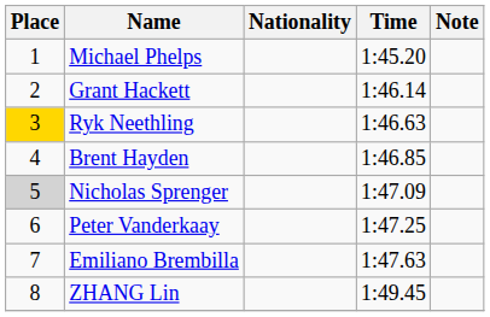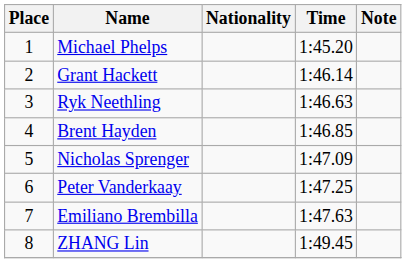 <table class="wikitable" style="text-align:center">
 <tr>
 <th>Place</th>
 <th>Name</th>
 <th>Nationality</th>
 <th>Time</th>
 <th>Note</th>
 </tr>
 <tr>
 <td>1</td>
 <td align=left><a href='#'>Michael Phelps</a></td>
 <td align=left></td>
 <td>1:45.20</td>
 <td></td>
 </tr>
 <tr>
 <td>2</td>
 <td align=left><a href='#'>Grant Hackett</a></td>
 <td align=left></td>
 <td>1:46.14</td>
 <td></td>
 </tr>
 <tr>
-<td style="background: gold;">3</td>
+<td>3</td>
 <td align=left><a href='#'>Ryk Neethling</a></td>
 <td align=left></td>
 <td>1:46.63</td>
 <td></td>
 </tr>
 <tr>
 <td>4</td>
 <td align=left><a href='#'>Brent Hayden</a></td>
 <td align=left></td>
 <td>1:46.85</td>
 <td></td>
 </tr>
 <tr>
-<td style="background: lightgrey;">5</td>
+<td>5</td>
 <td align=left><a href='#'>Nicholas Sprenger</a></td>
 <td align=left></td>
 <td>1:47.09</td>
 <td></td>
 </tr>
 <tr>
 <td>6</td>
 <td align=left><a href='#'>Peter Vanderkaay</a></td>
 <td align=left></td>
 <td>1:47.25</td>
 <td></td>
 </tr>
 <tr>
 <td>7</td>
 <td align=left><a href='#'>Emiliano Brembilla</a></td>
 <td align=left></td>
 <td>1:47.63</td>
 <td></td>
 </tr>
 <tr>
 <td>8</td>
 <td align=left><a href='#'>ZHANG Lin</a></td>
 <td align=left></td>
 <td>1:49.45</td>
 <td></td>
 </tr>
 <tr>
 </tr>
 </table>
